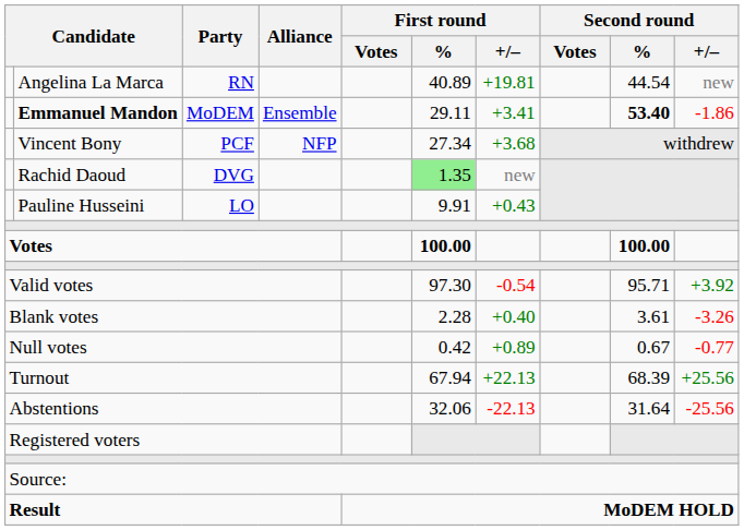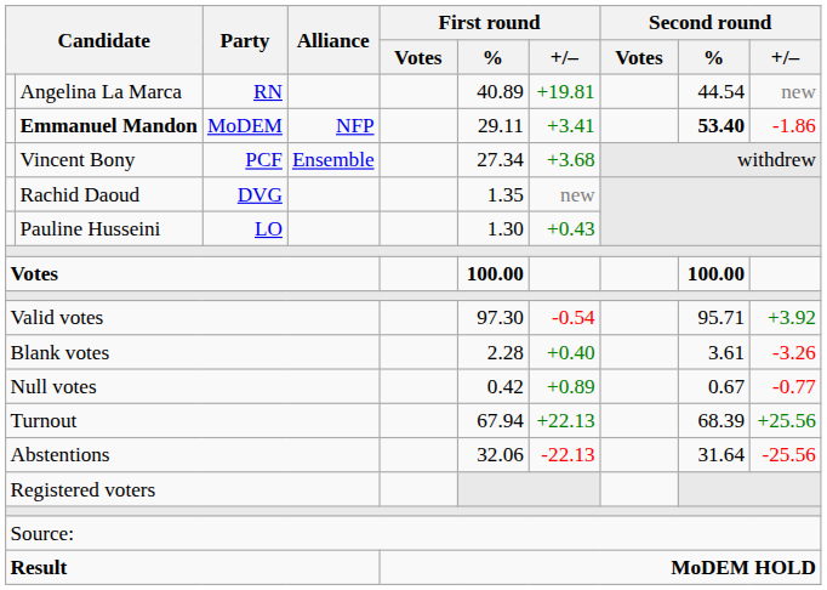 <table class="wikitable" style="text-align:right;font-size:95%;">
 <tr>
 <th rowspan="2" colspan="2">Candidate</th>
 <th colspan="1" rowspan="2">Party</th>
 <th colspan="1" rowspan="2">Alliance</th>
 <th colspan="3">First round</th>
 <th colspan="3">Second round</th>
 </tr>
 <tr>
 <th style="width:50px;">Votes</th>
 <th style="width:45px;">%</th>
 <th style="width:45px;">+/–</th>
 <th style="width:50px;">Votes</th>
 <th style="width:45px;">%</th>
 <th style="width:45px;">+/–</th>
 </tr>
 <tr>
 <td style="color:inherit;background:"></td>
 <td style="text-align:left;">Angelina La Marca</td>
 <td><a href='#'>RN</a></td>
 <td></td>
 <td></td>
 <td>40.89</td>
 <td style="color:green;">+19.81</td>
 <td></td>
 <td>44.54</td>
 <td style="color:grey;">new</td>
 </tr>
 <tr>
 <td style="color:inherit;background:"></td>
 <td style="text-align:left;"><strong>Emmanuel Mandon</strong></td>
 <td><a href='#'>MoDEM</a></td>
-<td><a href='#'>Ensemble</a></td>
+<td><a href='#'>NFP</a></td>
 <td></td>
 <td>29.11</td>
 <td style="color:green;">+3.41</td>
 <td><strong></strong></td>
 <td><strong>53.40</strong></td>
 <td style="color:red;">-1.86</td>
 </tr>
 <tr>
 <td style="color:inherit;background:"></td>
 <td style="text-align:left;">Vincent Bony</td>
 <td><a href='#'>PCF</a></td>
-<td><a href='#'>NFP</a></td>
+<td><a href='#'>Ensemble</a></td>
 <td></td>
 <td>27.34</td>
 <td style="color:green;">+3.68</td>
 <td colspan="3" style="background:#E9E9E9;">withdrew</td>
 </tr>
 <tr>
 <td style="color:inherit;background:"></td>
 <td style="text-align:left;">Rachid Daoud</td>
 <td><a href='#'>DVG</a></td>
 <td></td>
 <td></td>
-<td style="background: lightgreen;">1.35</td>
+<td>1.35</td>
 <td style="color:grey;">new</td>
 <td colspan="3" rowspan="2" style="background:#E9E9E9;"></td>
 </tr>
 <tr>
 <td style="color:inherit;background:"></td>
 <td style="text-align:left;">Pauline Husseini</td>
 <td><a href='#'>LO</a></td>
 <td></td>
 <td></td>
-<td>9.91</td>
+<td>1.30</td>
 <td style="color:green;">+0.43</td>
 </tr>
 <tr>
 <td colspan="10" style="background:#E9E9E9;"></td>
 </tr>
 <tr style="font-weight:bold;">
 <td colspan="4" style="text-align:left;">Votes</td>
 <td></td>
 <td>100.00</td>
 <td></td>
 <td></td>
 <td>100.00</td>
 <td></td>
 </tr>
 <tr>
 <td colspan="10" style="background:#E9E9E9;"></td>
 </tr>
 <tr>
 <td colspan="4" style="text-align:left;">Valid votes</td>
 <td></td>
 <td>97.30</td>
 <td style="color:red;">-0.54</td>
 <td></td>
 <td>95.71</td>
 <td style="color:green;">+3.92</td>
 </tr>
 <tr>
 <td colspan="4" style="text-align:left;">Blank votes</td>
 <td></td>
 <td>2.28</td>
 <td style="color:green;">+0.40</td>
 <td></td>
 <td>3.61</td>
 <td style="color:red;">-3.26</td>
 </tr>
 <tr>
 <td colspan="4" style="text-align:left;">Null votes</td>
 <td></td>
 <td>0.42</td>
 <td style="color:green;">+0.89</td>
 <td></td>
 <td>0.67</td>
 <td style="color:red;">-0.77</td>
 </tr>
 <tr>
 <td colspan="4" style="text-align:left;">Turnout</td>
 <td></td>
 <td>67.94</td>
 <td style="color:green;">+22.13</td>
 <td></td>
 <td>68.39</td>
 <td style="color:green;">+25.56</td>
 </tr>
 <tr>
 <td colspan="4" style="text-align:left;">Abstentions</td>
 <td></td>
 <td>32.06</td>
 <td style="color:red;">-22.13</td>
 <td></td>
 <td>31.64</td>
 <td style="color:red;">-25.56</td>
 </tr>
 <tr>
 <td colspan="4" style="text-align:left;">Registered voters</td>
 <td></td>
 <td colspan="2" style="background:#E9E9E9;"></td>
 <td></td>
 <td colspan="2" style="background:#E9E9E9;"></td>
 </tr>
 <tr>
 <td colspan="10" style="background:#E9E9E9;"></td>
 </tr>
 <tr>
 <td colspan="10" style="text-align:left;">Source: </td>
 </tr>
 <tr style="font-weight:bold">
 <td colspan="4" style="text-align:left;">Result</td>
 <td colspan="6" style="background-color:">MoDEM HOLD</td>
 </tr>
 </table>
